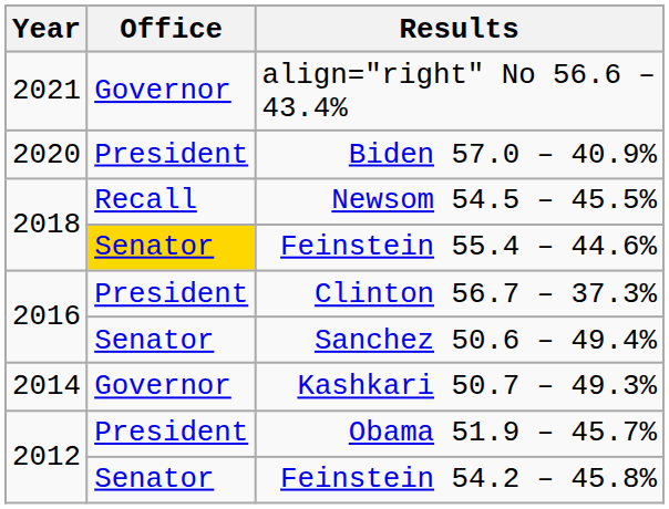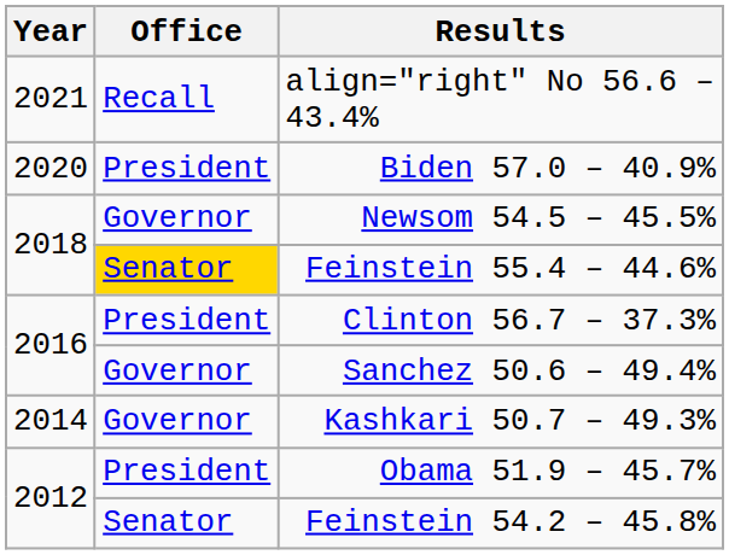 <table class=wikitable>
 <tr>
 <th width="30">Year</th>
 <th width="60">Office</th>
 <th width="180">Results</th>
 </tr>
 <tr>
 <td>2021</td>
-<td><a href='#'>Governor</a></td>
+<td><a href='#'>Recall</a></td>
 <td>align="right"  No 56.6 – 43.4%</td>
 </tr>
 <tr>
 <td rowspan="1">2020</td>
 <td><a href='#'>President</a></td>
 <td align="right" ><a href='#'>Biden</a> 57.0 – 40.9%</td>
 </tr>
 <tr>
 <td rowspan="2">2018</td>
-<td><a href='#'>Recall</a></td>
+<td><a href='#'>Governor</a></td>
 <td align="right" ><a href='#'>Newsom</a> 54.5 – 45.5%</td>
 </tr>
 <tr>
 <td style="background: gold;"><a href='#'>Senator</a></td>
 <td align="right" ><a href='#'>Feinstein</a> 55.4 – 44.6%</td>
 </tr>
 <tr>
 <td rowspan="2">2016</td>
 <td><a href='#'>President</a></td>
 <td align="right" ><a href='#'>Clinton</a> 56.7 – 37.3%</td>
 </tr>
 <tr>
-<td><a href='#'>Senator</a></td>
+<td><a href='#'>Governor</a></td>
 <td align="right" ><a href='#'>Sanchez</a> 50.6 – 49.4%</td>
 </tr>
 <tr>
 <td>2014</td>
 <td><a href='#'>Governor</a></td>
 <td align="right" ><a href='#'>Kashkari</a> 50.7 – 49.3%</td>
 </tr>
 <tr>
 <td rowspan="2">2012</td>
 <td><a href='#'>President</a></td>
 <td align="right" ><a href='#'>Obama</a> 51.9 – 45.7%</td>
 </tr>
 <tr>
 <td><a href='#'>Senator</a></td>
 <td align="right" ><a href='#'>Feinstein</a> 54.2 – 45.8%</td>
 </tr>
 </table>
